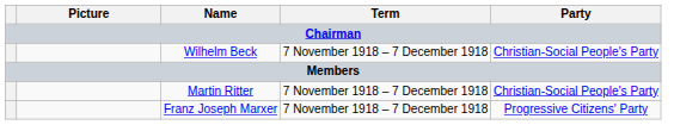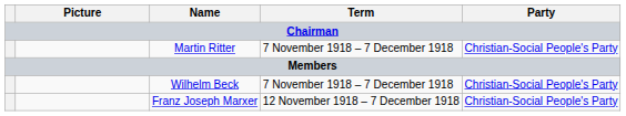 <table class="wikitable" style="text-align:center">
 <tr>
 <th style="width: 0.5em"></th>
 <th style="width: 11.5em"><strong>Picture</strong></th>
 <th>Name</th>
 <th>Term</th>
 <th>Party</th>
 </tr>
 <tr>
 <th colspan="5" style="background:#CCD2D9"><a href='#'>Chairman</a></th>
 </tr>
 <tr>
 <th style="background:"></th>
 <td></td>
-<td><a href='#'>Wilhelm Beck</a></td>
+<td><a href='#'>Martin Ritter</a></td>
 <td style="text-align:left">7 November 1918 – 7 December 1918</td>
 <td><a href='#'>Christian-Social People's Party</a></td>
 </tr>
 <tr>
 <th colspan="5" style="background:#CCD2D9">Members</th>
 </tr>
 <tr>
 <th style="background:"></th>
 <td></td>
-<td><a href='#'>Martin Ritter</a></td>
+<td><a href='#'>Wilhelm Beck</a></td>
 <td style="text-align:left">7 November 1918 – 7 December 1918</td>
 <td><a href='#'>Christian-Social People's Party</a></td>
 </tr>
 <tr>
 <th style="background:"></th>
 <td></td>
 <td><a href='#'>Franz Joseph Marxer</a></td>
-<td style="text-align:left">7 November 1918 – 7 December 1918</td>
-<td><a href='#'>Progressive Citizens' Party</a></td>
+<td style="text-align:left">12 November 1918 – 7 December 1918</td>
+<td><a href='#'>Christian-Social People's Party</a></td>
 </tr>
 </table>
